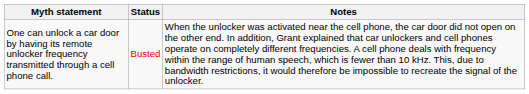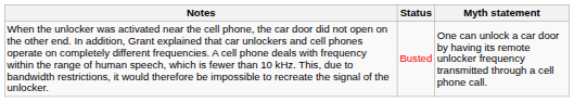 <table class="wikitable plainrowheaders">
 <tr>
+<th>Notes</th>
+<th>Status</th>
 <th>Myth statement</th>
-<th>Status</th>
-<th>Notes</th>
 </tr>
 <tr>
+<td>When the unlocker was activated near the cell phone, the car door did not open on the other end. In addition, Grant explained that car unlockers and cell phones operate on completely different frequencies. A cell phone deals with frequency within the range of human speech, which is fewer than 10 kHz. This, due to bandwidth restrictions, it would therefore be impossible to recreate the signal of the unlocker.</td>
+<td style="color:red">Busted</td>
 <td>One can unlock a car door by having its remote unlocker frequency transmitted through a cell phone call.</td>
-<td style="color:red">Busted</td>
-<td>When the unlocker was activated near the cell phone, the car door did not open on the other end. In addition, Grant explained that car unlockers and cell phones operate on completely different frequencies. A cell phone deals with frequency within the range of human speech, which is fewer than 10 kHz. This, due to bandwidth restrictions, it would therefore be impossible to recreate the signal of the unlocker.</td>
 </tr>
 </table>
